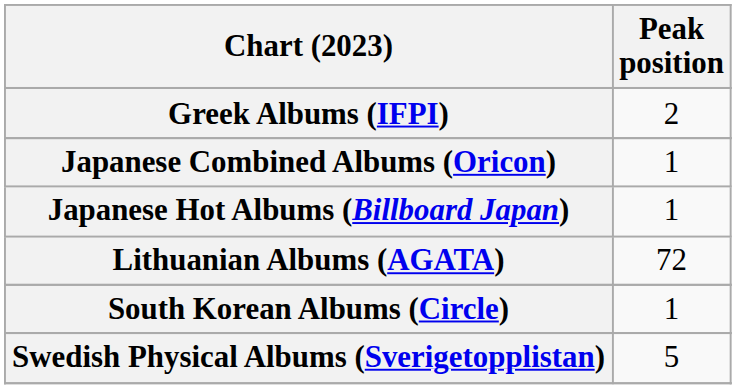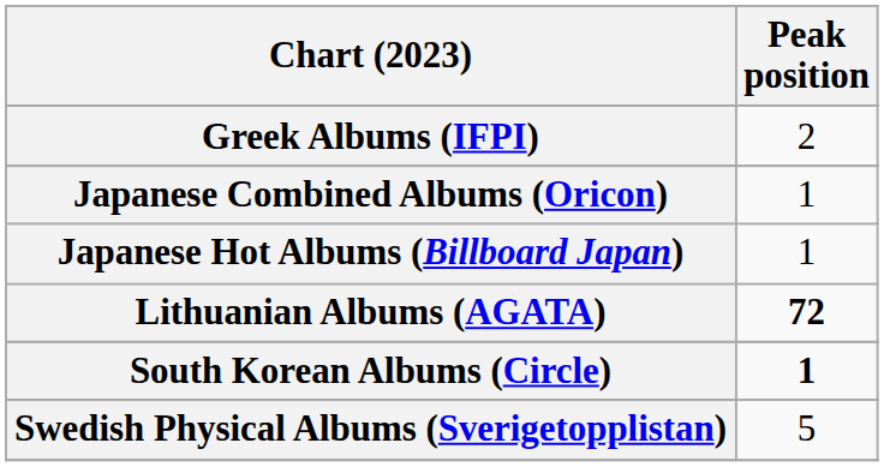 <table class="wikitable plainrowheaders sortable" style="text-align:center">
 <tr>
 <th scope="col">Chart (2023)</th>
 <th scope="col">Peak<br>position</th>
 </tr>
 <tr>
 </tr>
 <tr>
 </tr>
 <tr>
 </tr>
 <tr>
 </tr>
 <tr>
 </tr>
 <tr>
 </tr>
 <tr>
 <th scope="row">Greek Albums (<a href='#'>IFPI</a>)</th>
 <td>2</td>
 </tr>
 <tr>
 </tr>
 <tr>
 </tr>
 <tr>
 </tr>
 <tr>
 <th scope="row">Japanese Combined Albums (<a href='#'>Oricon</a>)</th>
 <td>1</td>
 </tr>
 <tr>
 <th scope="row">Japanese Hot Albums (<em><a href='#'>Billboard Japan</a></em>)</th>
 <td>1</td>
 </tr>
 <tr>
 <th scope="row">Lithuanian Albums (<a href='#'>AGATA</a>)</th>
-<td>72</td>
+<td><strong>72</strong></td>
 </tr>
 <tr>
 </tr>
 <tr>
 </tr>
 <tr>
 <th scope="row">South Korean Albums (<a href='#'>Circle</a>)</th>
-<td>1</td>
+<td><strong>1</strong></td>
 </tr>
 <tr>
 </tr>
 <tr>
 <th scope="row">Swedish Physical Albums (<a href='#'>Sverigetopplistan</a>)</th>
 <td>5</td>
 </tr>
 <tr>
 </tr>
 <tr>
 </tr>
 <tr>
 </tr>
 <tr>
 </tr>
 </table>
